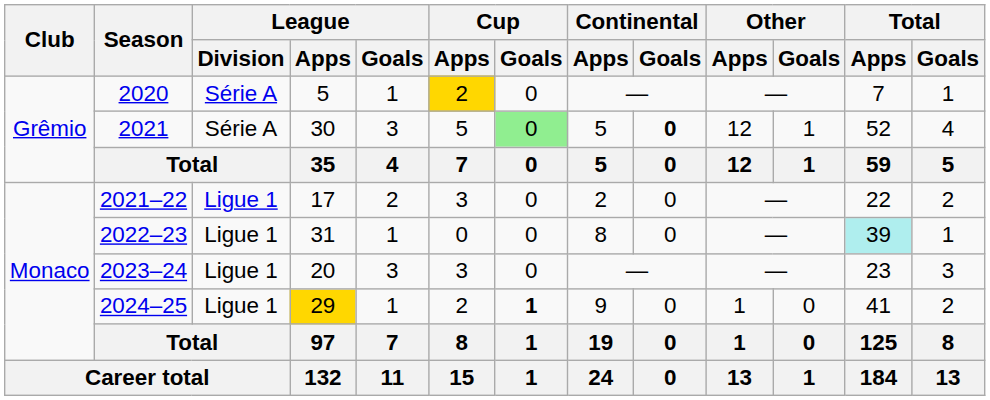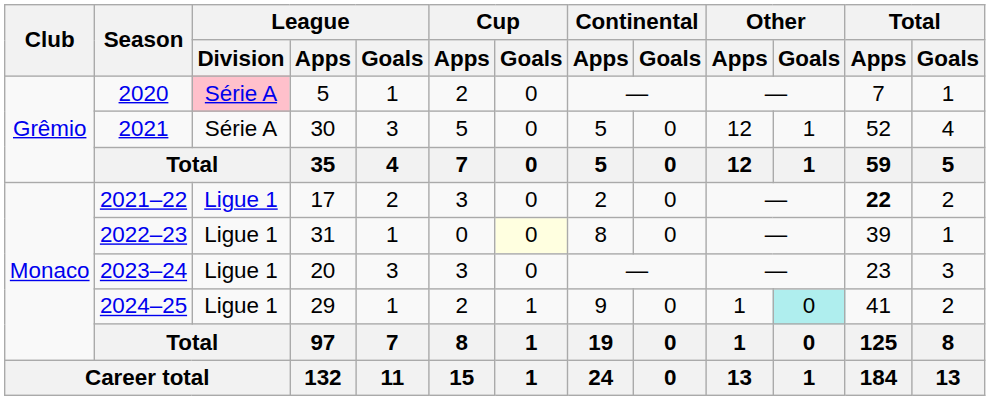 <table class="wikitable" style="text-align: center">
 <tr>
 <th rowspan="2">Club</th>
 <th rowspan="2">Season</th>
 <th colspan="3">League</th>
 <th colspan="2">Cup</th>
 <th colspan="2">Continental</th>
 <th colspan="2">Other</th>
 <th colspan="2">Total</th>
 </tr>
 <tr>
 <th>Division</th>
 <th>Apps</th>
 <th>Goals</th>
 <th>Apps</th>
 <th>Goals</th>
 <th>Apps</th>
 <th>Goals</th>
 <th>Apps</th>
 <th>Goals</th>
 <th>Apps</th>
 <th>Goals</th>
 </tr>
 <tr>
 <td rowspan="3"><a href='#'>Grêmio</a></td>
 <td><a href='#'>2020</a></td>
-<td><a href='#'>Série A</a></td>
+<td style="background: pink;"><a href='#'>Série A</a></td>
 <td>5</td>
 <td>1</td>
-<td style="background: gold;">2</td>
+<td>2</td>
 <td>0</td>
 <td colspan="2">—</td>
 <td colspan="2">—</td>
 <td>7</td>
 <td>1</td>
 </tr>
 <tr>
 <td><a href='#'>2021</a></td>
 <td>Série A</td>
 <td>30</td>
 <td>3</td>
 <td>5</td>
-<td style="background: lightgreen;">0</td>
+<td>0</td>
 <td>5</td>
-<td><strong>0</strong></td>
+<td>0</td>
 <td>12</td>
 <td>1</td>
 <td>52</td>
 <td>4</td>
 </tr>
 <tr>
 <th colspan="2">Total</th>
 <th>35</th>
 <th>4</th>
 <th>7</th>
 <th>0</th>
 <th>5</th>
 <th>0</th>
 <th>12</th>
 <th>1</th>
 <th>59</th>
 <th>5</th>
 </tr>
 <tr>
 <td rowspan="5"><a href='#'>Monaco</a></td>
 <td><a href='#'>2021–22</a></td>
 <td><a href='#'>Ligue 1</a></td>
 <td>17</td>
 <td>2</td>
 <td>3</td>
 <td>0</td>
 <td>2</td>
 <td>0</td>
 <td colspan="2">—</td>
-<td>22</td>
+<td><strong>22</strong></td>
 <td>2</td>
 </tr>
 <tr>
 <td><a href='#'>2022–23</a></td>
 <td>Ligue 1</td>
 <td>31</td>
 <td>1</td>
 <td>0</td>
-<td>0</td>
+<td style="background: lightyellow;">0</td>
 <td>8</td>
 <td>0</td>
 <td colspan="2">—</td>
-<td style="background: paleturquoise;">39</td>
+<td>39</td>
 <td>1</td>
 </tr>
 <tr>
 <td><a href='#'>2023–24</a></td>
 <td>Ligue 1</td>
 <td>20</td>
 <td>3</td>
 <td>3</td>
 <td>0</td>
 <td colspan="2">—</td>
 <td colspan="2">—</td>
 <td>23</td>
 <td>3</td>
 </tr>
 <tr>
 <td><a href='#'>2024–25</a></td>
 <td>Ligue 1</td>
-<td style="background: gold;">29</td>
+<td>29</td>
 <td>1</td>
 <td>2</td>
-<td><strong>1</strong></td>
+<td>1</td>
 <td>9</td>
 <td>0</td>
 <td>1</td>
-<td>0</td>
+<td style="background: paleturquoise;">0</td>
 <td>41</td>
 <td>2</td>
 </tr>
 <tr>
 <th colspan="2">Total</th>
 <th>97</th>
 <th>7</th>
 <th>8</th>
 <th>1</th>
 <th>19</th>
 <th>0</th>
 <th>1</th>
 <th>0</th>
 <th>125</th>
 <th>8</th>
 </tr>
 <tr>
 <th colspan="3">Career total</th>
 <th>132</th>
 <th>11</th>
 <th>15</th>
 <th>1</th>
 <th>24</th>
 <th>0</th>
 <th>13</th>
 <th>1</th>
 <th>184</th>
 <th>13</th>
 </tr>
 </table>
